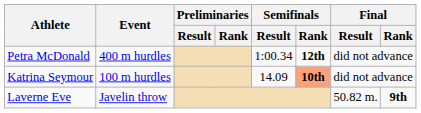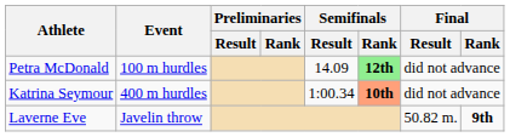 <table class=wikitable style="font-size:90%">
 <tr>
 <th rowspan="2">Athlete</th>
 <th rowspan="2">Event</th>
 <th colspan="2">Preliminaries</th>
 <th colspan="2">Semifinals</th>
 <th colspan="2">Final</th>
 </tr>
 <tr>
 <th>Result</th>
 <th>Rank</th>
 <th>Result</th>
 <th>Rank</th>
 <th>Result</th>
 <th>Rank</th>
 </tr>
 <tr>
 <td><a href='#'>Petra McDonald</a></td>
-<td><a href='#'>400 m hurdles</a></td>
+<td><a href='#'>100 m hurdles</a></td>
 <td colspan=2 bgcolor=wheat></td>
-<td align=center>1:00.34</td>
-<td align=center><strong>12th</strong></td>
+<td align=center>14.09</td>
+<td align=center style="background: lightgreen;"><strong>12th</strong></td>
 <td align=center colspan=2>did not advance</td>
 </tr>
 <tr>
 <td><a href='#'>Katrina Seymour</a></td>
-<td><a href='#'>100 m hurdles</a></td>
+<td><a href='#'>400 m hurdles</a></td>
 <td colspan=2 bgcolor=wheat></td>
-<td align=center>14.09</td>
+<td align=center>1:00.34</td>
 <td align=center style="background: lightsalmon;"><strong>10th</strong></td>
 <td align=center colspan=2>did not advance</td>
 </tr>
 <tr>
 <td><a href='#'>Laverne Eve</a></td>
 <td><a href='#'>Javelin throw</a></td>
 <td colspan=4 bgcolor=wheat></td>
 <td align=center>50.82 m.</td>
 <td align=center><strong>9th</strong></td>
 </tr>
 </table>
